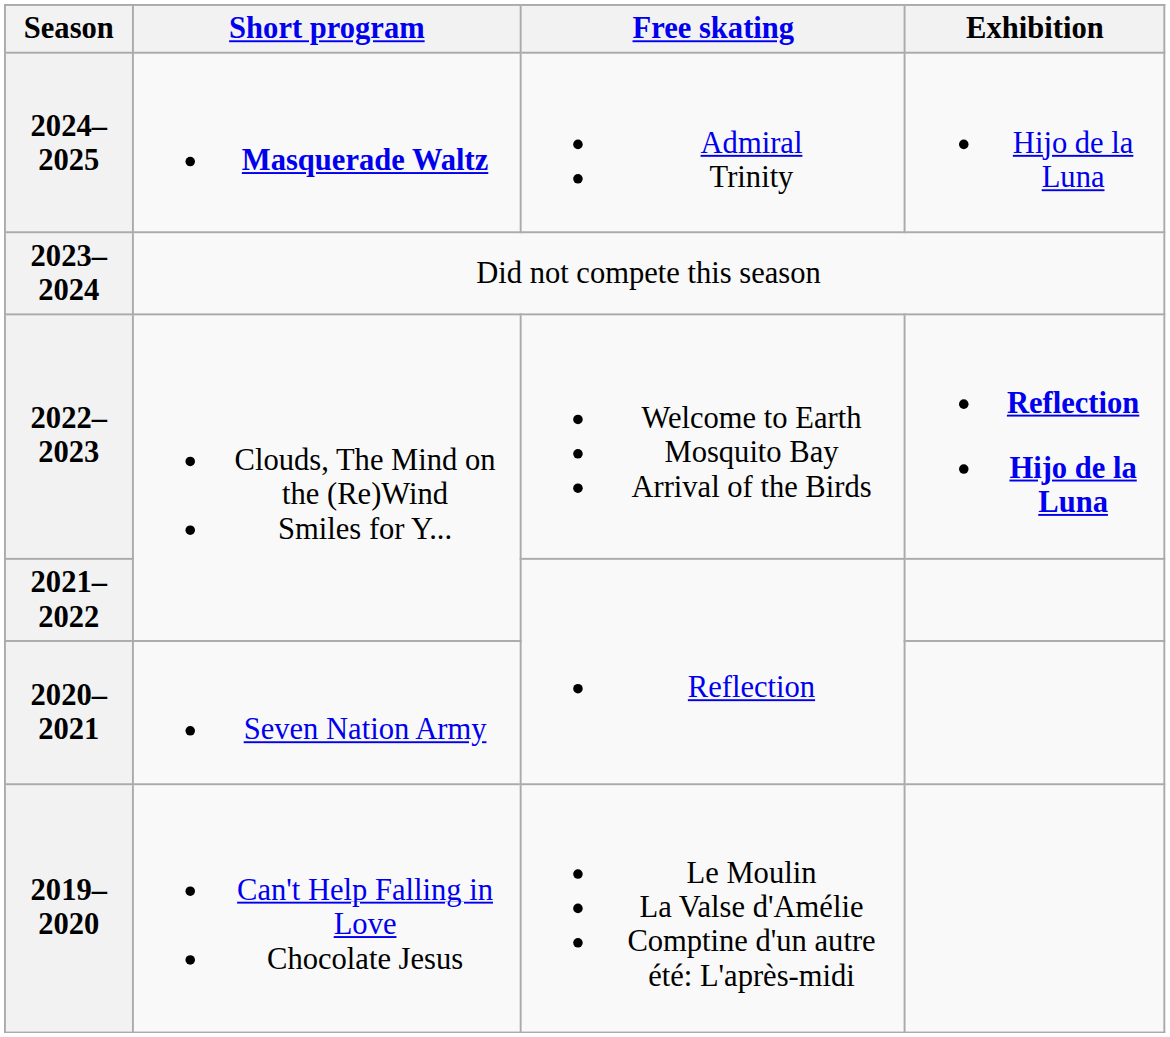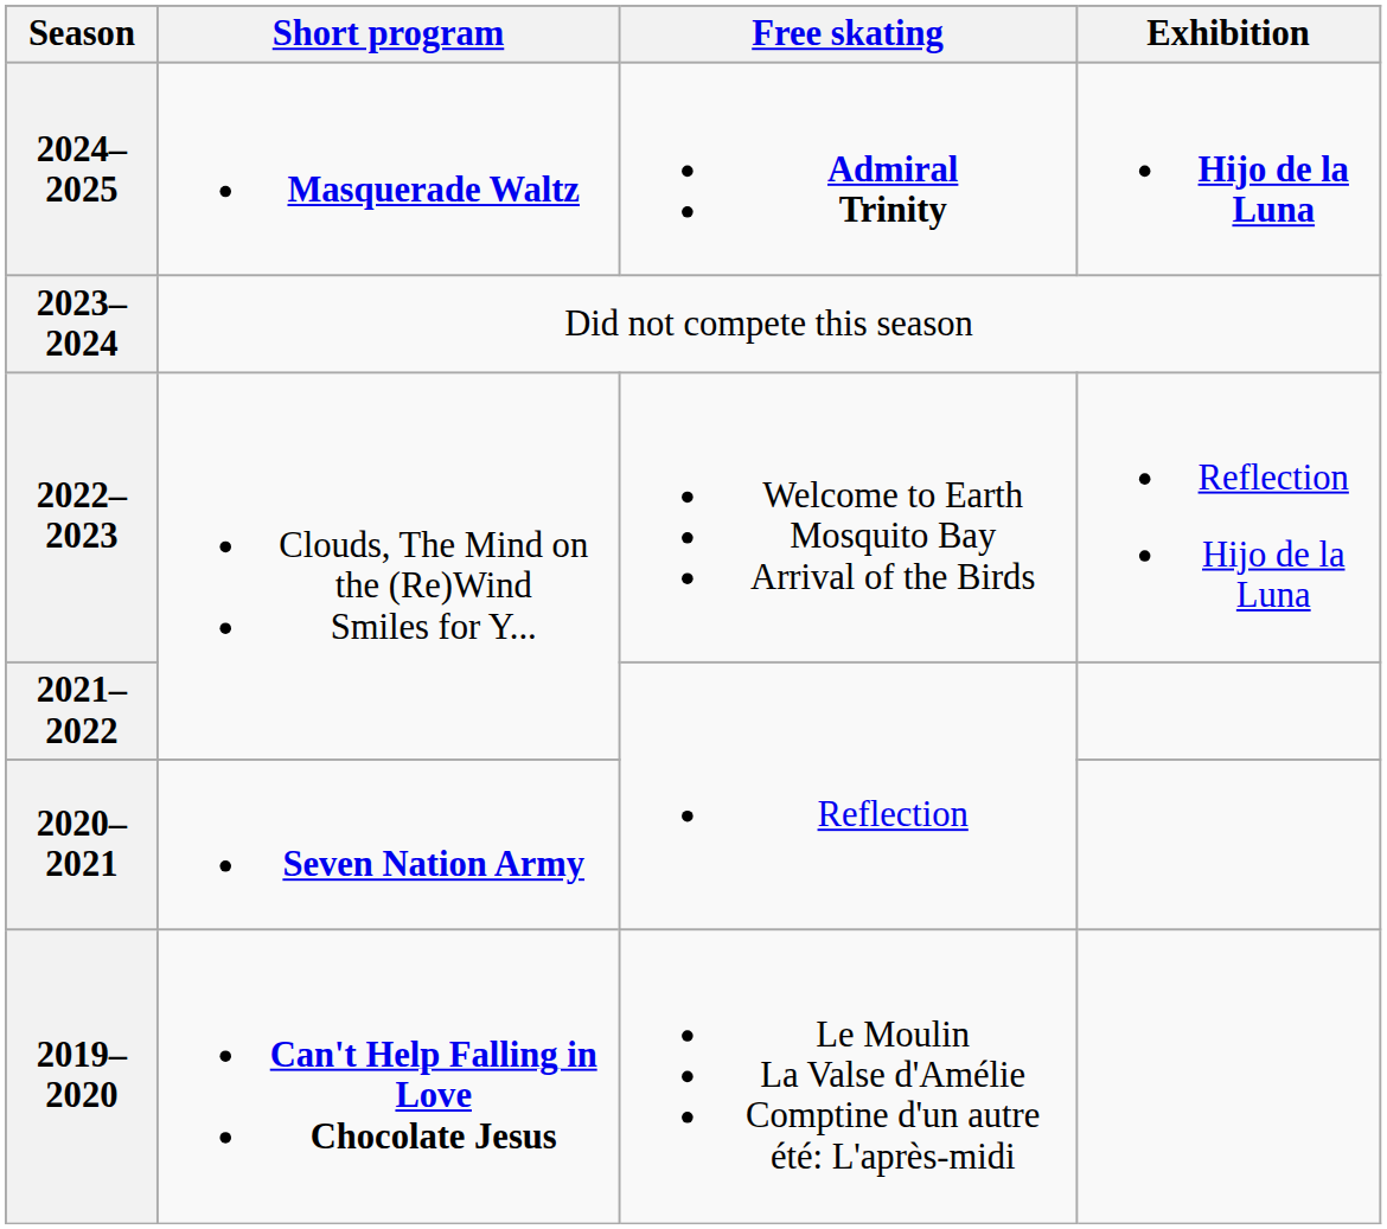 <table class=wikitable style=text-align:center>
 <tr>
 <th>Season</th>
 <th><a href='#'>Short program</a></th>
 <th><a href='#'>Free skating</a></th>
 <th>Exhibition</th>
 </tr>
 <tr>
 <th>2024–2025</th>
 <td><strong><br><ul><li><a href='#'>Masquerade Waltz</a> <br> </li></ul></strong></td>
-<td><br><ul><li><a href='#'>Admiral</a> <br> </li><li>Trinity <br> </li></ul></td>
-<td><br><ul><li><a href='#'>Hijo de la Luna</a> <br> </li></ul></td>
+<td><strong><br><ul><li><a href='#'>Admiral</a> <br> </li><li>Trinity <br> </li></ul></strong></td>
+<td><strong><br><ul><li><a href='#'>Hijo de la Luna</a> <br> </li></ul></strong></td>
 </tr>
 <tr>
 <th>2023–2024</th>
 <td colspan="3">Did not compete this season</td>
 </tr>
 <tr>
 <th>2022–2023</th>
 <td rowspan=2><br><ul><li>Clouds, The Mind on the (Re)Wind</li><li>Smiles for Y... <br> </li></ul></td>
 <td><br><ul><li>Welcome to Earth</li><li>Mosquito Bay <br> </li><li>Arrival of the Birds <br> </li></ul></td>
-<td><strong><br><ul><li><a href='#'>Reflection</a> <br> </li></ul><ul><li><a href='#'>Hijo de la Luna</a> <br> </li></ul></strong></td>
+<td><br><ul><li><a href='#'>Reflection</a> <br> </li></ul><ul><li><a href='#'>Hijo de la Luna</a> <br> </li></ul></td>
 </tr>
 <tr>
 <th>2021–2022 <br> </th>
 <td rowspan=2><br><ul><li><a href='#'>Reflection</a> <br> </li></ul></td>
 <td></td>
 </tr>
 <tr>
 <th>2020–2021</th>
-<td><br><ul><li><a href='#'>Seven Nation Army</a> <br> </li></ul></td>
+<td><strong><br><ul><li><a href='#'>Seven Nation Army</a> <br> </li></ul></strong></td>
 <td></td>
 </tr>
 <tr>
 <th>2019–2020</th>
-<td><br><ul><li><a href='#'>Can't Help Falling in Love</a> <br> </li><li>Chocolate Jesus <br> </li></ul></td>
+<td><strong><br><ul><li><a href='#'>Can't Help Falling in Love</a> <br> </li><li>Chocolate Jesus <br> </li></ul></strong></td>
 <td><br><ul><li>Le Moulin</li><li>La Valse d'Amélie</li><li>Comptine d'un autre été: L'après-midi <br> </li></ul></td>
 <td></td>
 </tr>
 </table>
